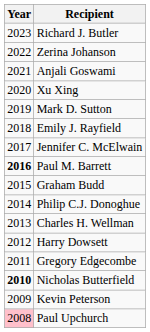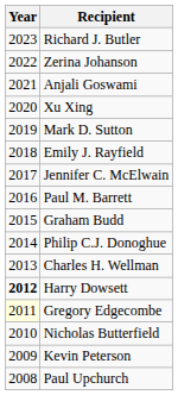 <table class="wikitable">
 <tr>
 <th>Year</th>
 <th>Recipient</th>
 </tr>
 <tr>
 <td>2023</td>
 <td>Richard J. Butler</td>
 </tr>
 <tr>
 <td>2022</td>
 <td>Zerina Johanson</td>
 </tr>
 <tr>
 <td>2021</td>
 <td>Anjali Goswami</td>
 </tr>
 <tr>
 <td>2020</td>
 <td>Xu Xing</td>
 </tr>
 <tr>
 <td>2019</td>
 <td>Mark D. Sutton</td>
 </tr>
 <tr>
 <td>2018</td>
 <td>Emily J. Rayfield</td>
 </tr>
 <tr>
 <td>2017</td>
 <td>Jennifer C. McElwain</td>
 </tr>
 <tr>
-<td><strong>2016</strong></td>
+<td>2016</td>
 <td>Paul M. Barrett</td>
 </tr>
 <tr>
 <td>2015</td>
 <td>Graham Budd</td>
 </tr>
 <tr>
 <td>2014</td>
 <td>Philip C.J. Donoghue</td>
 </tr>
 <tr>
 <td>2013</td>
 <td>Charles H. Wellman</td>
 </tr>
 <tr>
-<td>2012</td>
+<td><strong>2012</strong></td>
 <td>Harry Dowsett</td>
 </tr>
 <tr>
-<td>2011</td>
+<td style="background: lightyellow;">2011</td>
 <td>Gregory Edgecombe</td>
 </tr>
 <tr>
-<td><strong>2010</strong></td>
+<td>2010</td>
 <td>Nicholas Butterfield</td>
 </tr>
 <tr>
 <td>2009</td>
 <td>Kevin Peterson</td>
 </tr>
 <tr>
-<td style="background: pink;">2008</td>
+<td>2008</td>
 <td>Paul Upchurch</td>
 </tr>
 </table>
